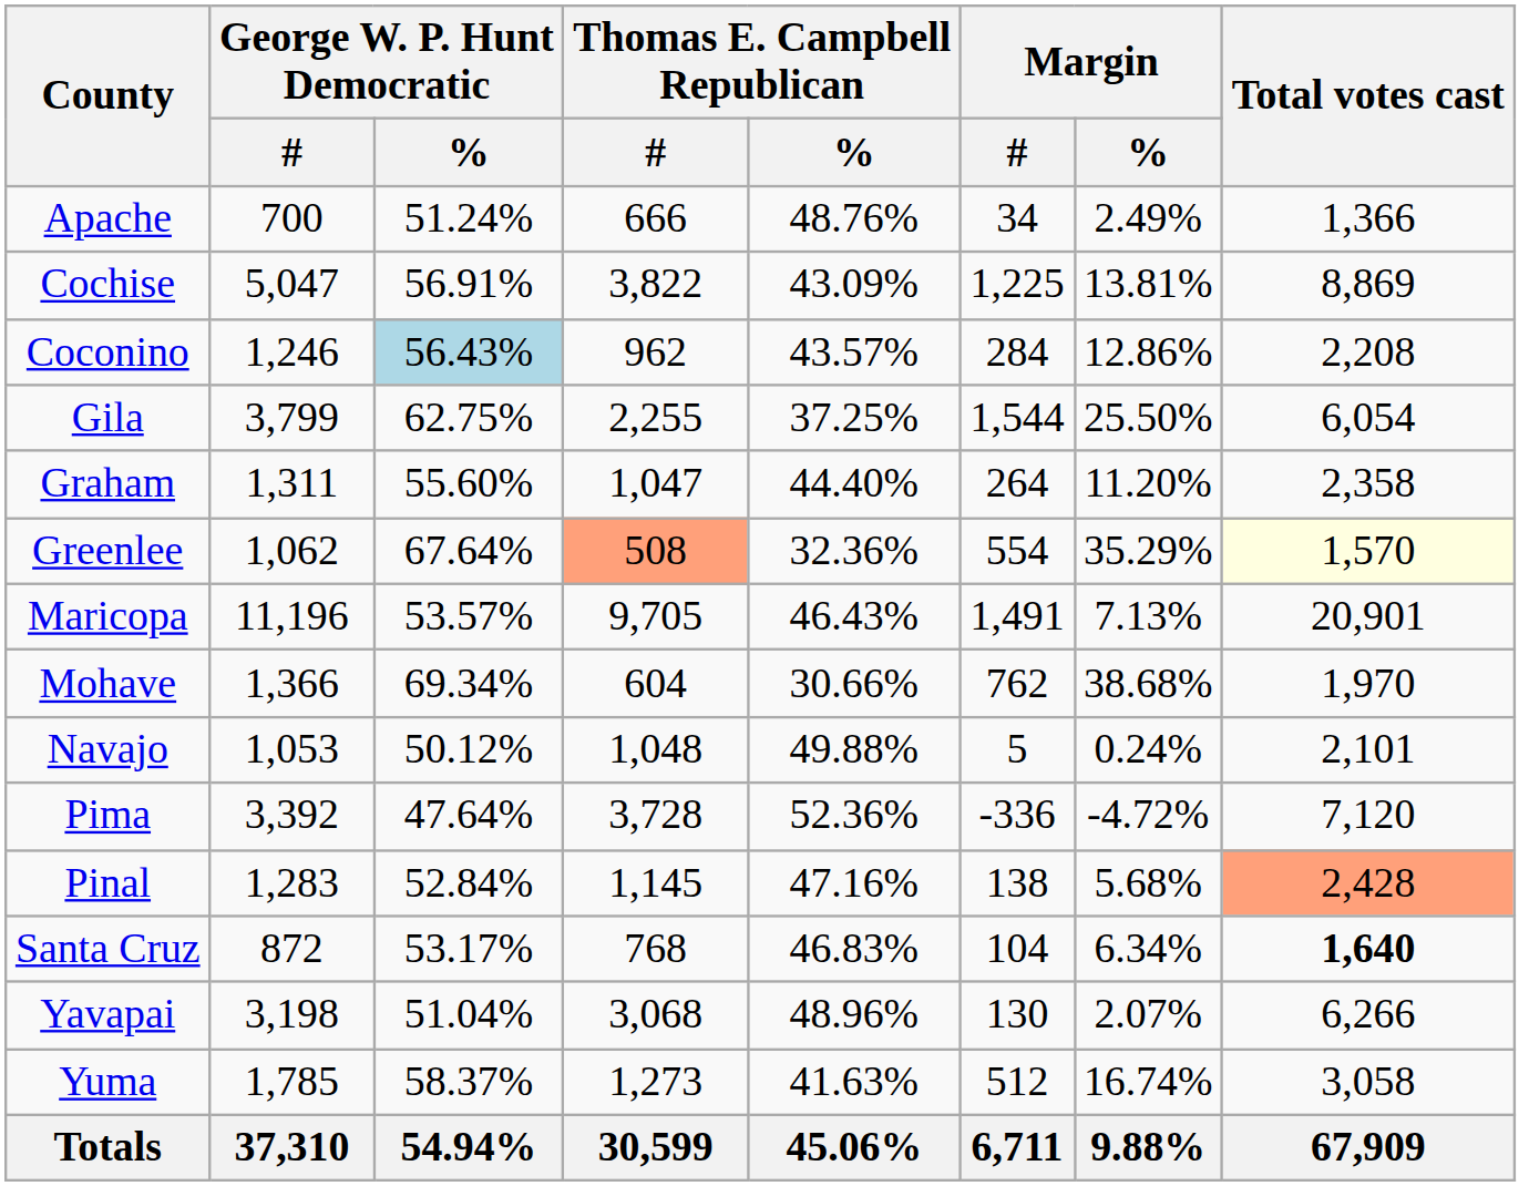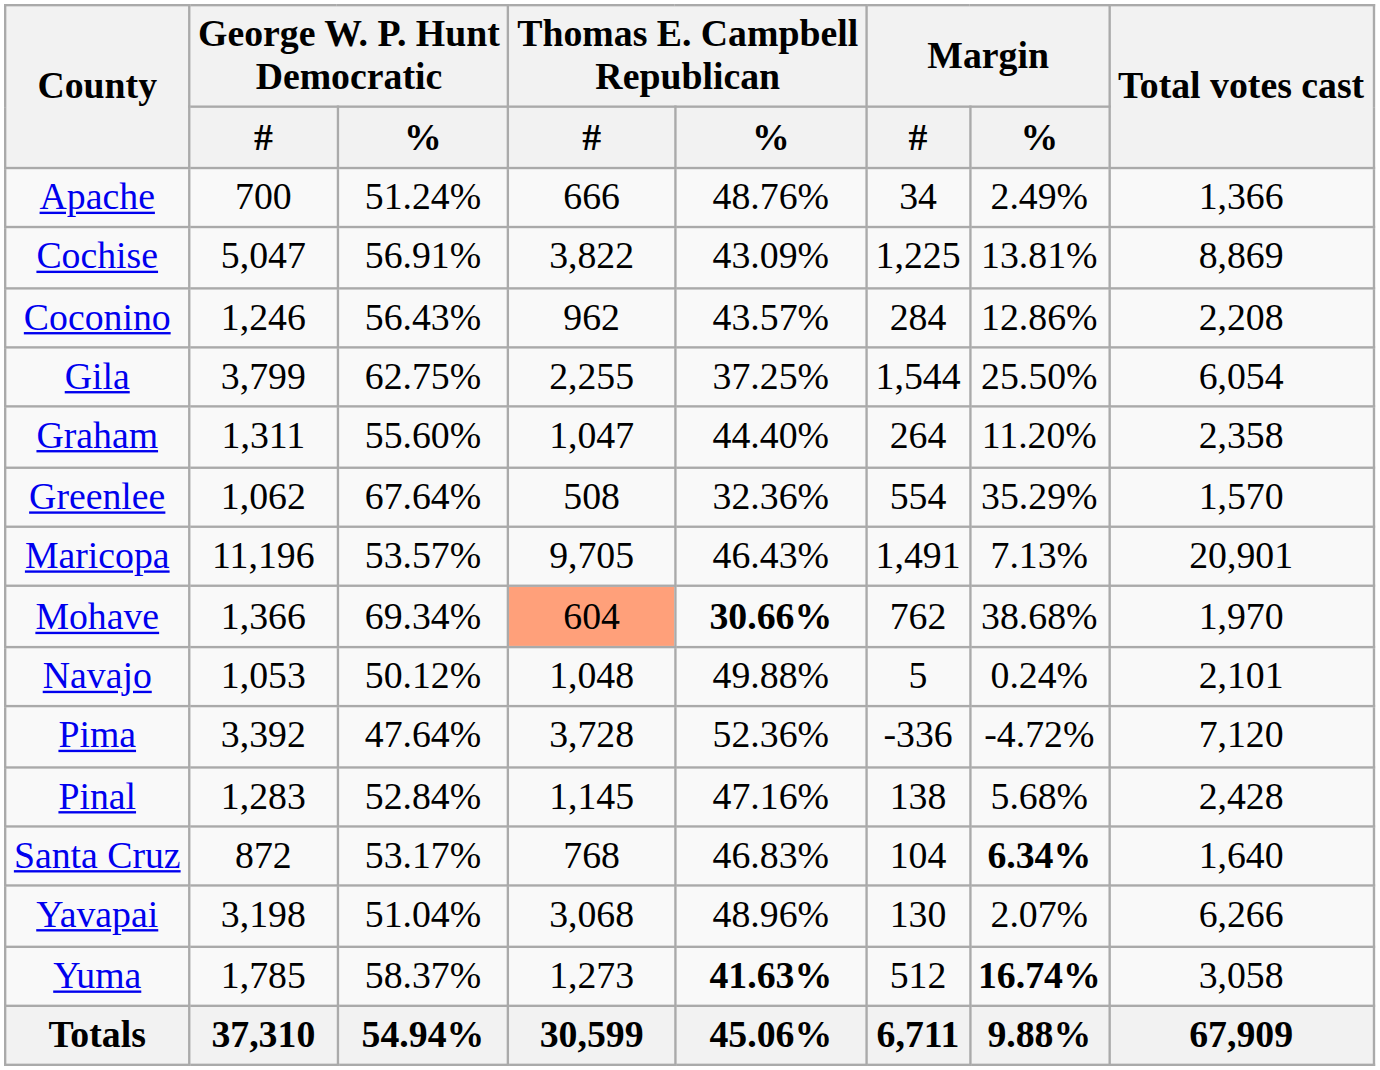 <table class="wikitable sortable" style="text-align:center">
 <tr>
 <th rowspan="2">County</th>
 <th style="text-align:center;" colspan="2">George W. P. Hunt<br>Democratic</th>
 <th style="text-align:center;" colspan="2">Thomas E. Campbell<br>Republican</th>
 <th style="text-align:center;" colspan="2">Margin</th>
 <th style="text-align:center;" rowspan="2">Total votes cast</th>
 </tr>
 <tr>
 <th style="text-align:center;" data-sort-type="number">#</th>
 <th style="text-align:center;" data-sort-type="number">%</th>
 <th style="text-align:center;" data-sort-type="number">#</th>
 <th style="text-align:center;" data-sort-type="number">%</th>
 <th style="text-align:center;" data-sort-type="number">#</th>
 <th style="text-align:center;" data-sort-type="number">%</th>
 </tr>
 <tr style="text-align:center;">
 <td><a href='#'>Apache</a></td>
 <td>700</td>
 <td>51.24%</td>
 <td>666</td>
 <td>48.76%</td>
 <td>34</td>
 <td>2.49%</td>
 <td>1,366</td>
 </tr>
 <tr style="text-align:center;">
 <td><a href='#'>Cochise</a></td>
 <td>5,047</td>
 <td>56.91%</td>
 <td>3,822</td>
 <td>43.09%</td>
 <td>1,225</td>
 <td>13.81%</td>
 <td>8,869</td>
 </tr>
 <tr style="text-align:center;">
 <td><a href='#'>Coconino</a></td>
 <td>1,246</td>
-<td style="background: lightblue;">56.43%</td>
+<td>56.43%</td>
 <td>962</td>
 <td>43.57%</td>
 <td>284</td>
 <td>12.86%</td>
 <td>2,208</td>
 </tr>
 <tr style="text-align:center;">
 <td><a href='#'>Gila</a></td>
 <td>3,799</td>
 <td>62.75%</td>
 <td>2,255</td>
 <td>37.25%</td>
 <td>1,544</td>
 <td>25.50%</td>
 <td>6,054</td>
 </tr>
 <tr style="text-align:center;">
 <td><a href='#'>Graham</a></td>
 <td>1,311</td>
 <td>55.60%</td>
 <td>1,047</td>
 <td>44.40%</td>
 <td>264</td>
 <td>11.20%</td>
 <td>2,358</td>
 </tr>
 <tr style="text-align:center;">
 <td><a href='#'>Greenlee</a></td>
 <td>1,062</td>
 <td>67.64%</td>
-<td style="background: lightsalmon;">508</td>
+<td>508</td>
 <td>32.36%</td>
 <td>554</td>
 <td>35.29%</td>
-<td style="background: lightyellow;">1,570</td>
+<td>1,570</td>
 </tr>
 <tr style="text-align:center;">
 <td><a href='#'>Maricopa</a></td>
 <td>11,196</td>
 <td>53.57%</td>
 <td>9,705</td>
 <td>46.43%</td>
 <td>1,491</td>
 <td>7.13%</td>
 <td>20,901</td>
 </tr>
 <tr style="text-align:center;">
 <td><a href='#'>Mohave</a></td>
 <td>1,366</td>
 <td>69.34%</td>
-<td>604</td>
-<td>30.66%</td>
+<td style="background: lightsalmon;">604</td>
+<td><strong>30.66%</strong></td>
 <td>762</td>
 <td>38.68%</td>
 <td>1,970</td>
 </tr>
 <tr style="text-align:center;">
 <td><a href='#'>Navajo</a></td>
 <td>1,053</td>
 <td>50.12%</td>
 <td>1,048</td>
 <td>49.88%</td>
 <td>5</td>
 <td>0.24%</td>
 <td>2,101</td>
 </tr>
 <tr style="text-align:center;">
 <td><a href='#'>Pima</a></td>
 <td>3,392</td>
 <td>47.64%</td>
 <td>3,728</td>
 <td>52.36%</td>
 <td>-336</td>
 <td>-4.72%</td>
 <td>7,120</td>
 </tr>
 <tr style="text-align:center;">
 <td><a href='#'>Pinal</a></td>
 <td>1,283</td>
 <td>52.84%</td>
 <td>1,145</td>
 <td>47.16%</td>
 <td>138</td>
 <td>5.68%</td>
-<td style="background: lightsalmon;">2,428</td>
+<td>2,428</td>
 </tr>
 <tr style="text-align:center;">
 <td><a href='#'>Santa Cruz</a></td>
 <td>872</td>
 <td>53.17%</td>
 <td>768</td>
 <td>46.83%</td>
 <td>104</td>
-<td>6.34%</td>
-<td><strong>1,640</strong></td>
+<td><strong>6.34%</strong></td>
+<td>1,640</td>
 </tr>
 <tr style="text-align:center;">
 <td><a href='#'>Yavapai</a></td>
 <td>3,198</td>
 <td>51.04%</td>
 <td>3,068</td>
 <td>48.96%</td>
 <td>130</td>
 <td>2.07%</td>
 <td>6,266</td>
 </tr>
 <tr style="text-align:center;">
 <td><a href='#'>Yuma</a></td>
 <td>1,785</td>
 <td>58.37%</td>
 <td>1,273</td>
-<td>41.63%</td>
+<td><strong>41.63%</strong></td>
 <td>512</td>
-<td>16.74%</td>
+<td><strong>16.74%</strong></td>
 <td>3,058</td>
 </tr>
 <tr style="text-align:center;">
 <th>Totals</th>
 <th>37,310</th>
 <th>54.94%</th>
 <th>30,599</th>
 <th>45.06%</th>
 <th>6,711</th>
 <th>9.88%</th>
 <th>67,909</th>
 </tr>
 </table>
